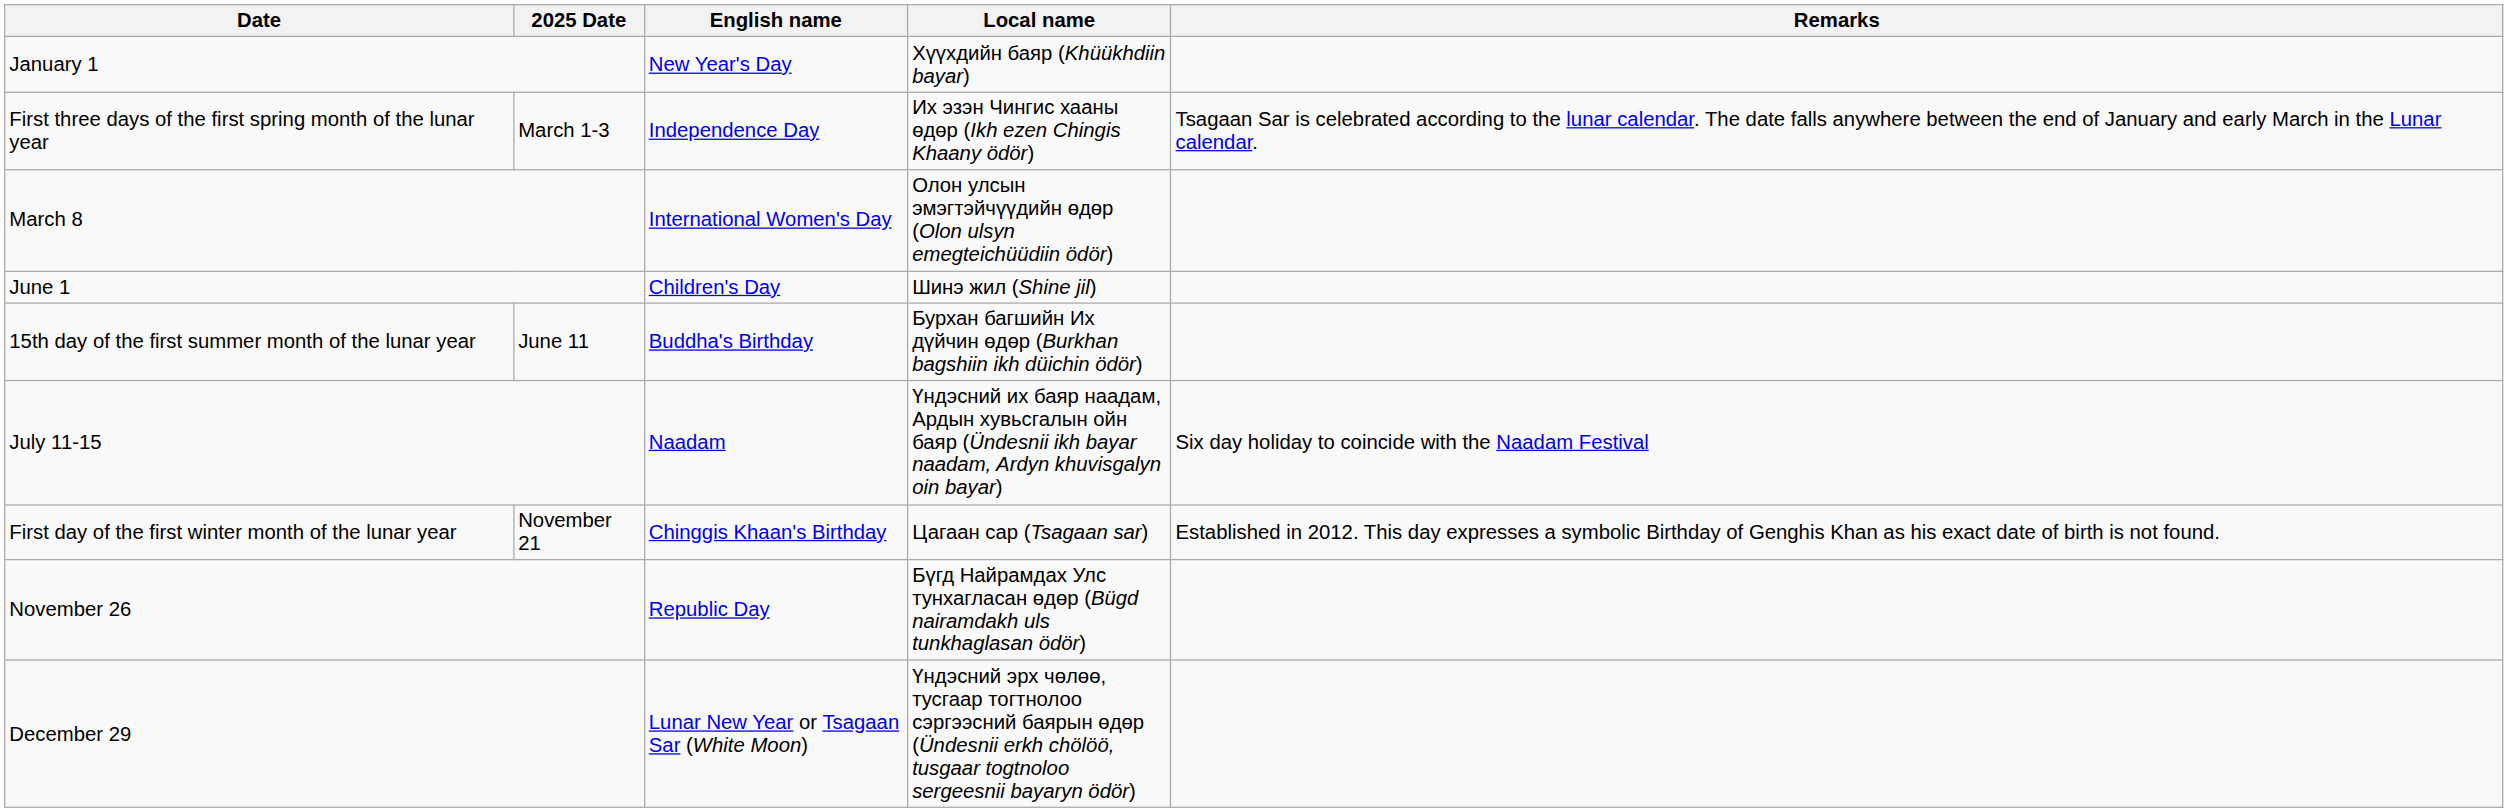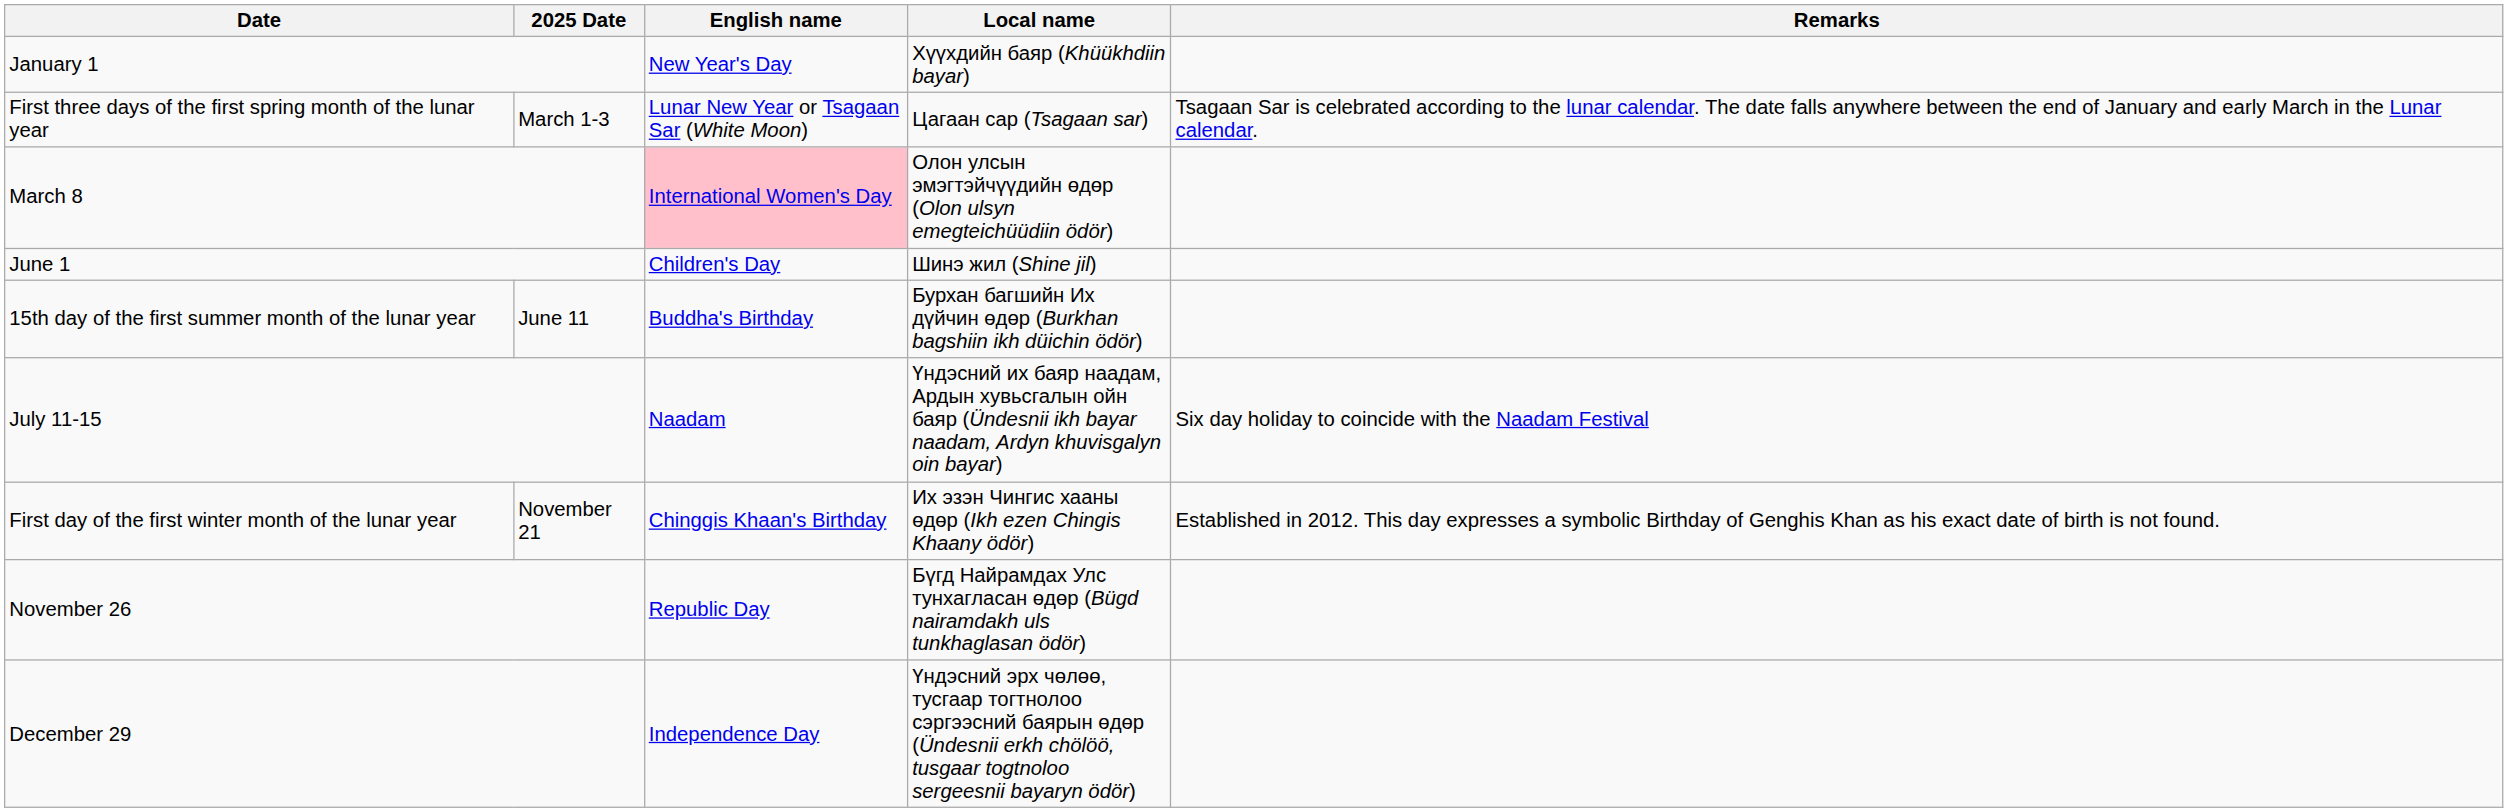 <table class="wikitable">
 <tr>
 <th>Date</th>
 <th>2025 Date</th>
 <th width="200px">English name</th>
 <th width="200px">Local name</th>
 <th>Remarks</th>
 </tr>
 <tr>
 <td colspan="2">January 1</td>
 <td><a href='#'>New Year's Day</a></td>
 <td>Хүүхдийн баяр (<em>Khüükhdiin bayar</em>)</td>
 <td></td>
 </tr>
 <tr>
 <td>First three days of the first spring month of the lunar year</td>
 <td>March 1-3</td>
-<td><a href='#'>Independence Day</a></td>
-<td>Их эзэн Чингис хааны өдөр (<em>Ikh ezen Chingis Khaany ödör</em>)</td>
+<td><a href='#'>Lunar New Year</a> or <a href='#'>Tsagaan Sar</a> (<em>White Moon</em>)</td>
+<td>Цагаан сар (<em>Tsagaan sar</em>)</td>
 <td>Tsagaan Sar is celebrated according to the <a href='#'>lunar calendar</a>. The date falls anywhere between the end of January and early March in the <a href='#'>Lunar calendar</a>.</td>
 </tr>
 <tr>
 <td colspan="2">March 8</td>
-<td><a href='#'>International Women's Day</a></td>
+<td style="background: pink;"><a href='#'>International Women's Day</a></td>
 <td>Олон улсын эмэгтэйчүүдийн өдөр (<em>Olon ulsyn emegteichüüdiin ödör</em>)</td>
 <td></td>
 </tr>
 <tr>
 <td colspan="2">June 1</td>
 <td><a href='#'>Children's Day</a></td>
 <td>Шинэ жил (<em>Shine jil</em>)</td>
 <td></td>
 </tr>
 <tr>
 <td>15th day of the first summer month of the lunar year</td>
 <td>June 11</td>
 <td><a href='#'>Buddha's Birthday</a></td>
 <td>Бурхан багшийн Их дүйчин өдөр (<em>Burkhan bagshiin ikh düichin ödör</em>)</td>
 <td></td>
 </tr>
 <tr>
 <td colspan="2">July 11-15</td>
 <td><a href='#'>Naadam</a></td>
 <td>Үндэсний их баяр наадам, Ардын хувьсгалын ойн баяр (<em>Ündesnii ikh bayar naadam, Ardyn khuvisgalyn oin bayar</em>)</td>
 <td>Six day holiday to coincide with the <a href='#'>Naadam Festival</a></td>
 </tr>
 <tr>
 <td>First day of the first winter month of the lunar year</td>
 <td>November 21</td>
 <td><a href='#'>Chinggis Khaan's Birthday</a></td>
-<td>Цагаан сар (<em>Tsagaan sar</em>)</td>
+<td>Их эзэн Чингис хааны өдөр (<em>Ikh ezen Chingis Khaany ödör</em>)</td>
 <td>Established in 2012. This day expresses a symbolic Birthday of Genghis Khan as his exact date of birth is not found.</td>
 </tr>
 <tr>
 <td colspan="2">November 26</td>
 <td><a href='#'>Republic Day </a></td>
 <td>Бүгд Найрамдах Улс тунхагласан өдөр (<em>Bügd nairamdakh uls tunkhaglasan ödör</em>)</td>
 <td></td>
 </tr>
 <tr>
 <td colspan="2">December 29</td>
-<td><a href='#'>Lunar New Year</a> or <a href='#'>Tsagaan Sar</a> (<em>White Moon</em>)</td>
+<td><a href='#'>Independence Day</a></td>
 <td>Үндэсний эрх чөлөө, тусгаар тогтнолоо сэргээсний баярын өдөр (<em>Ündesnii erkh chölöö, tusgaar togtnoloo sergeesnii bayaryn ödör</em>)</td>
 <td></td>
 </tr>
 </table>
